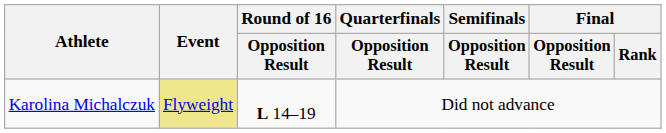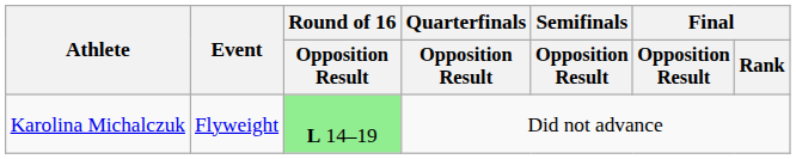 <table class="wikitable" style="font-size:90%">
 <tr>
 <th rowspan="2">Athlete</th>
 <th rowspan="2">Event</th>
 <th>Round of 16</th>
 <th>Quarterfinals</th>
 <th>Semifinals</th>
 <th colspan=2>Final</th>
 </tr>
 <tr style="font-size:95%">
 <th>Opposition<br>Result</th>
 <th>Opposition<br>Result</th>
 <th>Opposition<br>Result</th>
 <th>Opposition<br>Result</th>
 <th>Rank</th>
 </tr>
 <tr align=center>
 <td align=left><a href='#'>Karolina Michalczuk</a></td>
-<td align=left style="background: khaki;"><a href='#'>Flyweight</a></td>
-<td><br><strong>L</strong> 14–19</td>
+<td align=left><a href='#'>Flyweight</a></td>
+<td style="background: lightgreen;"><br><strong>L</strong> 14–19</td>
 <td colspan=4>Did not advance</td>
 </tr>
 </table>
